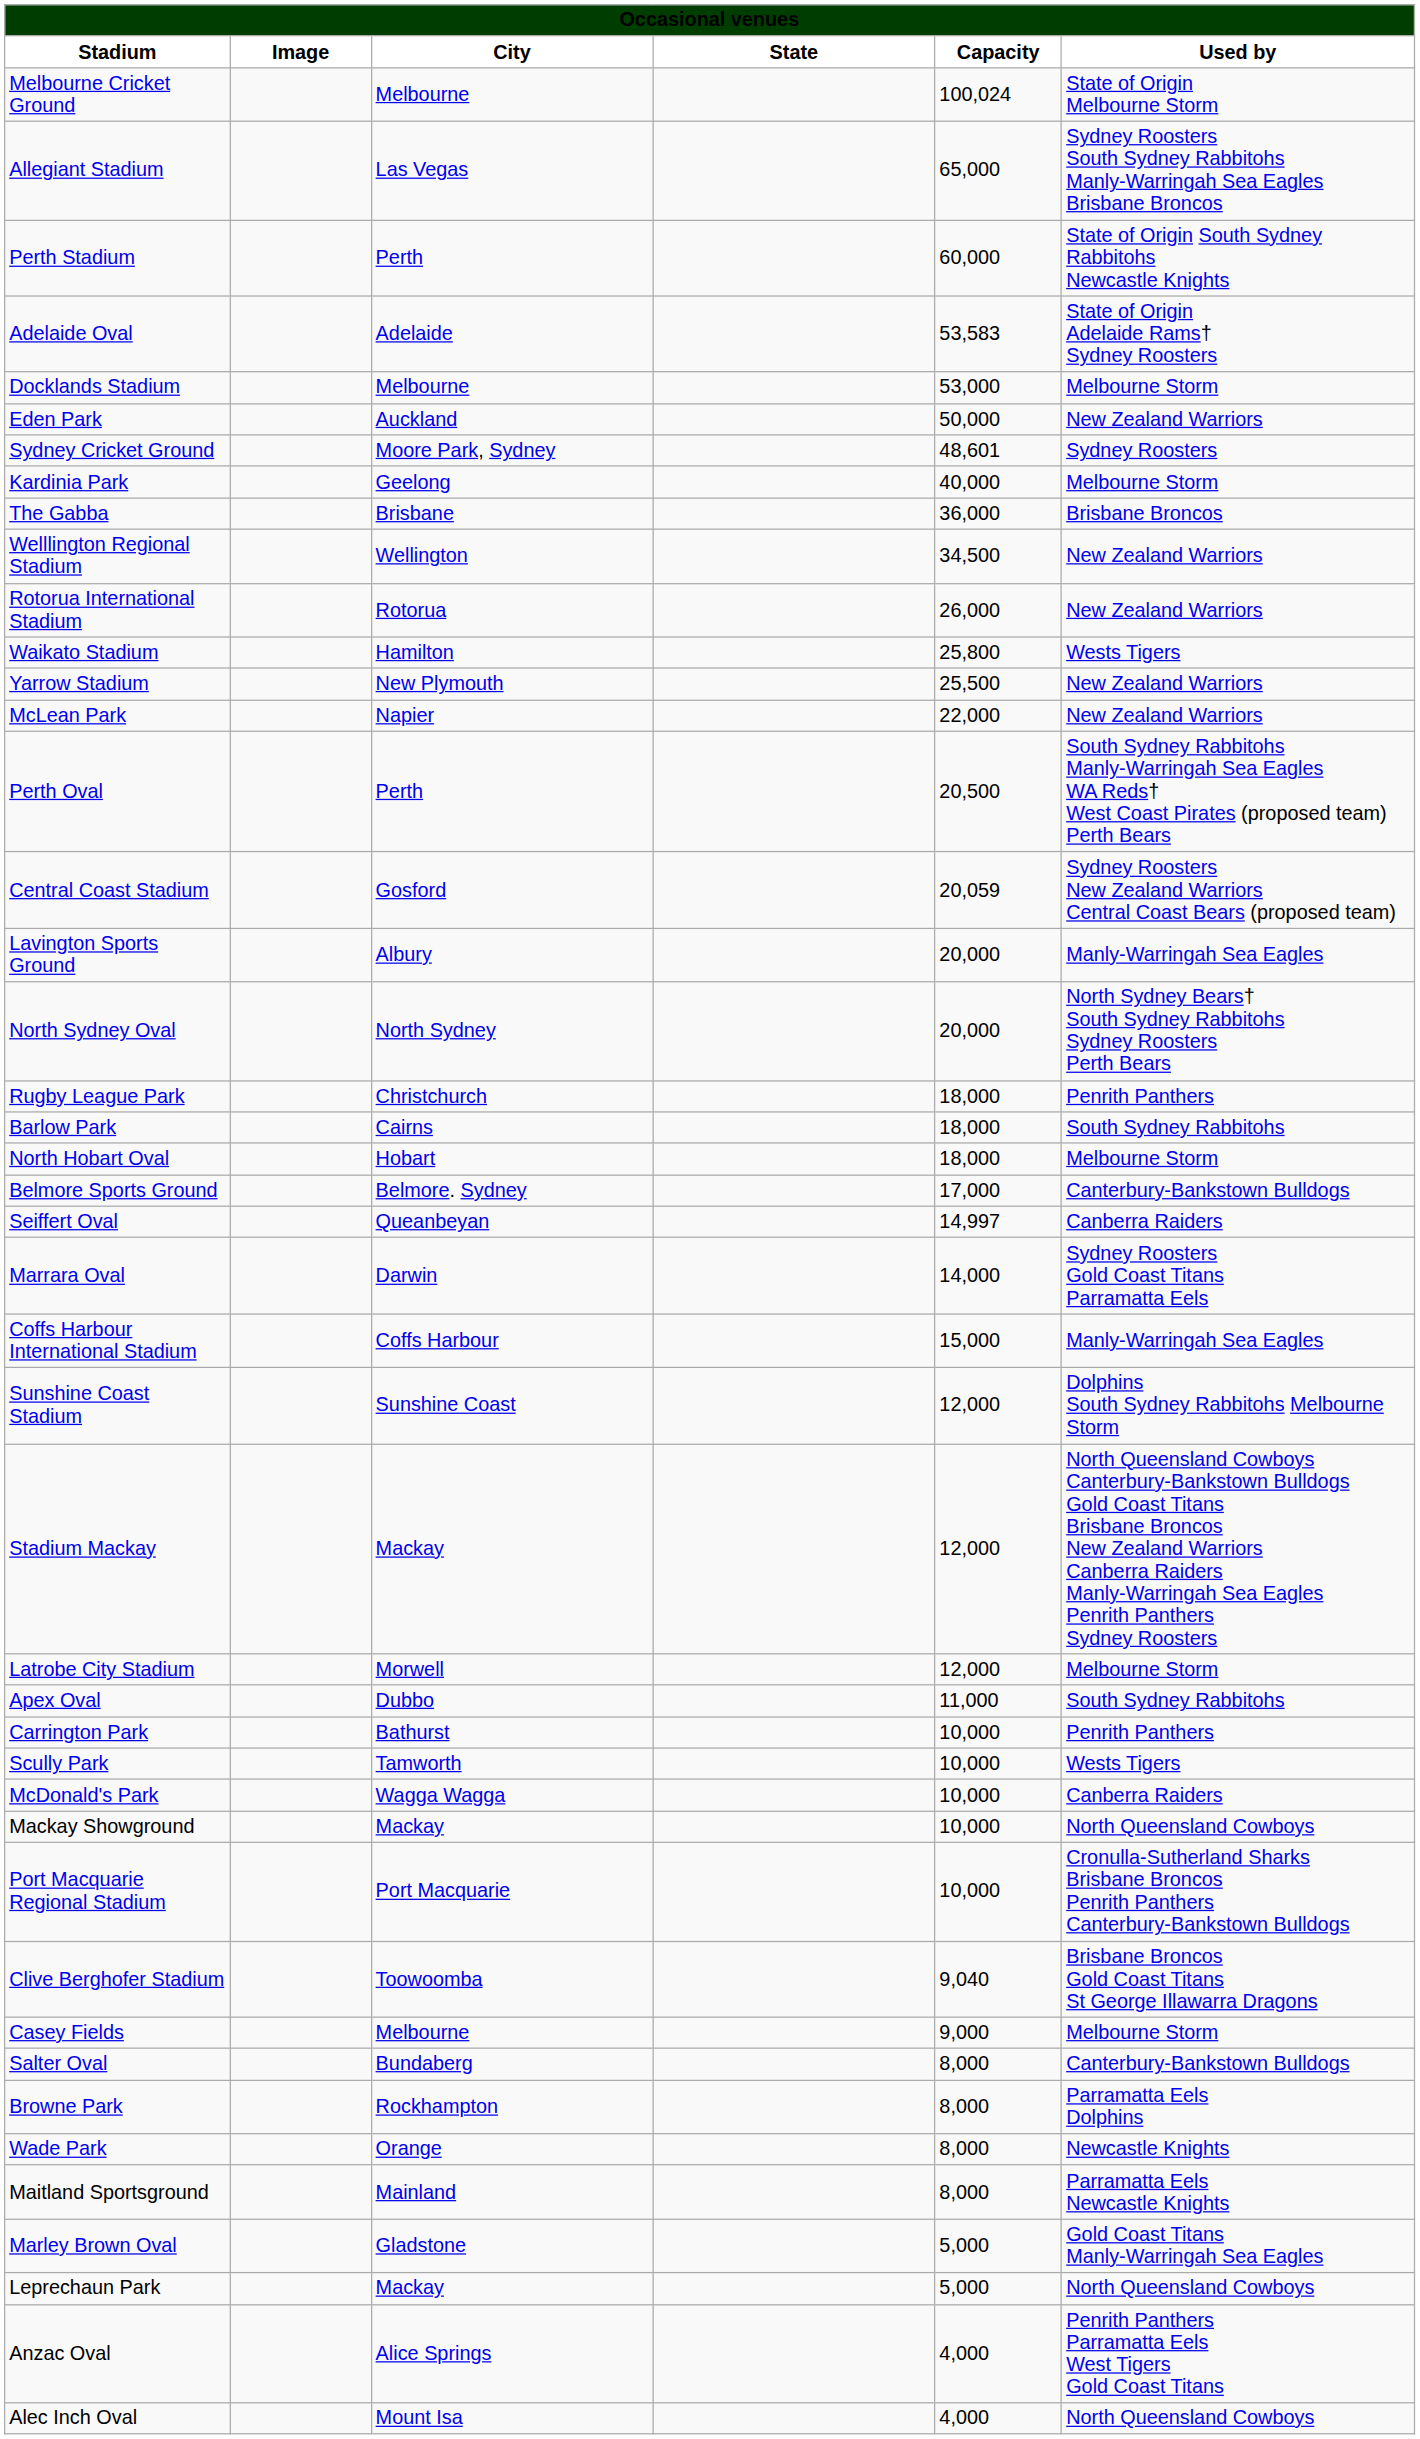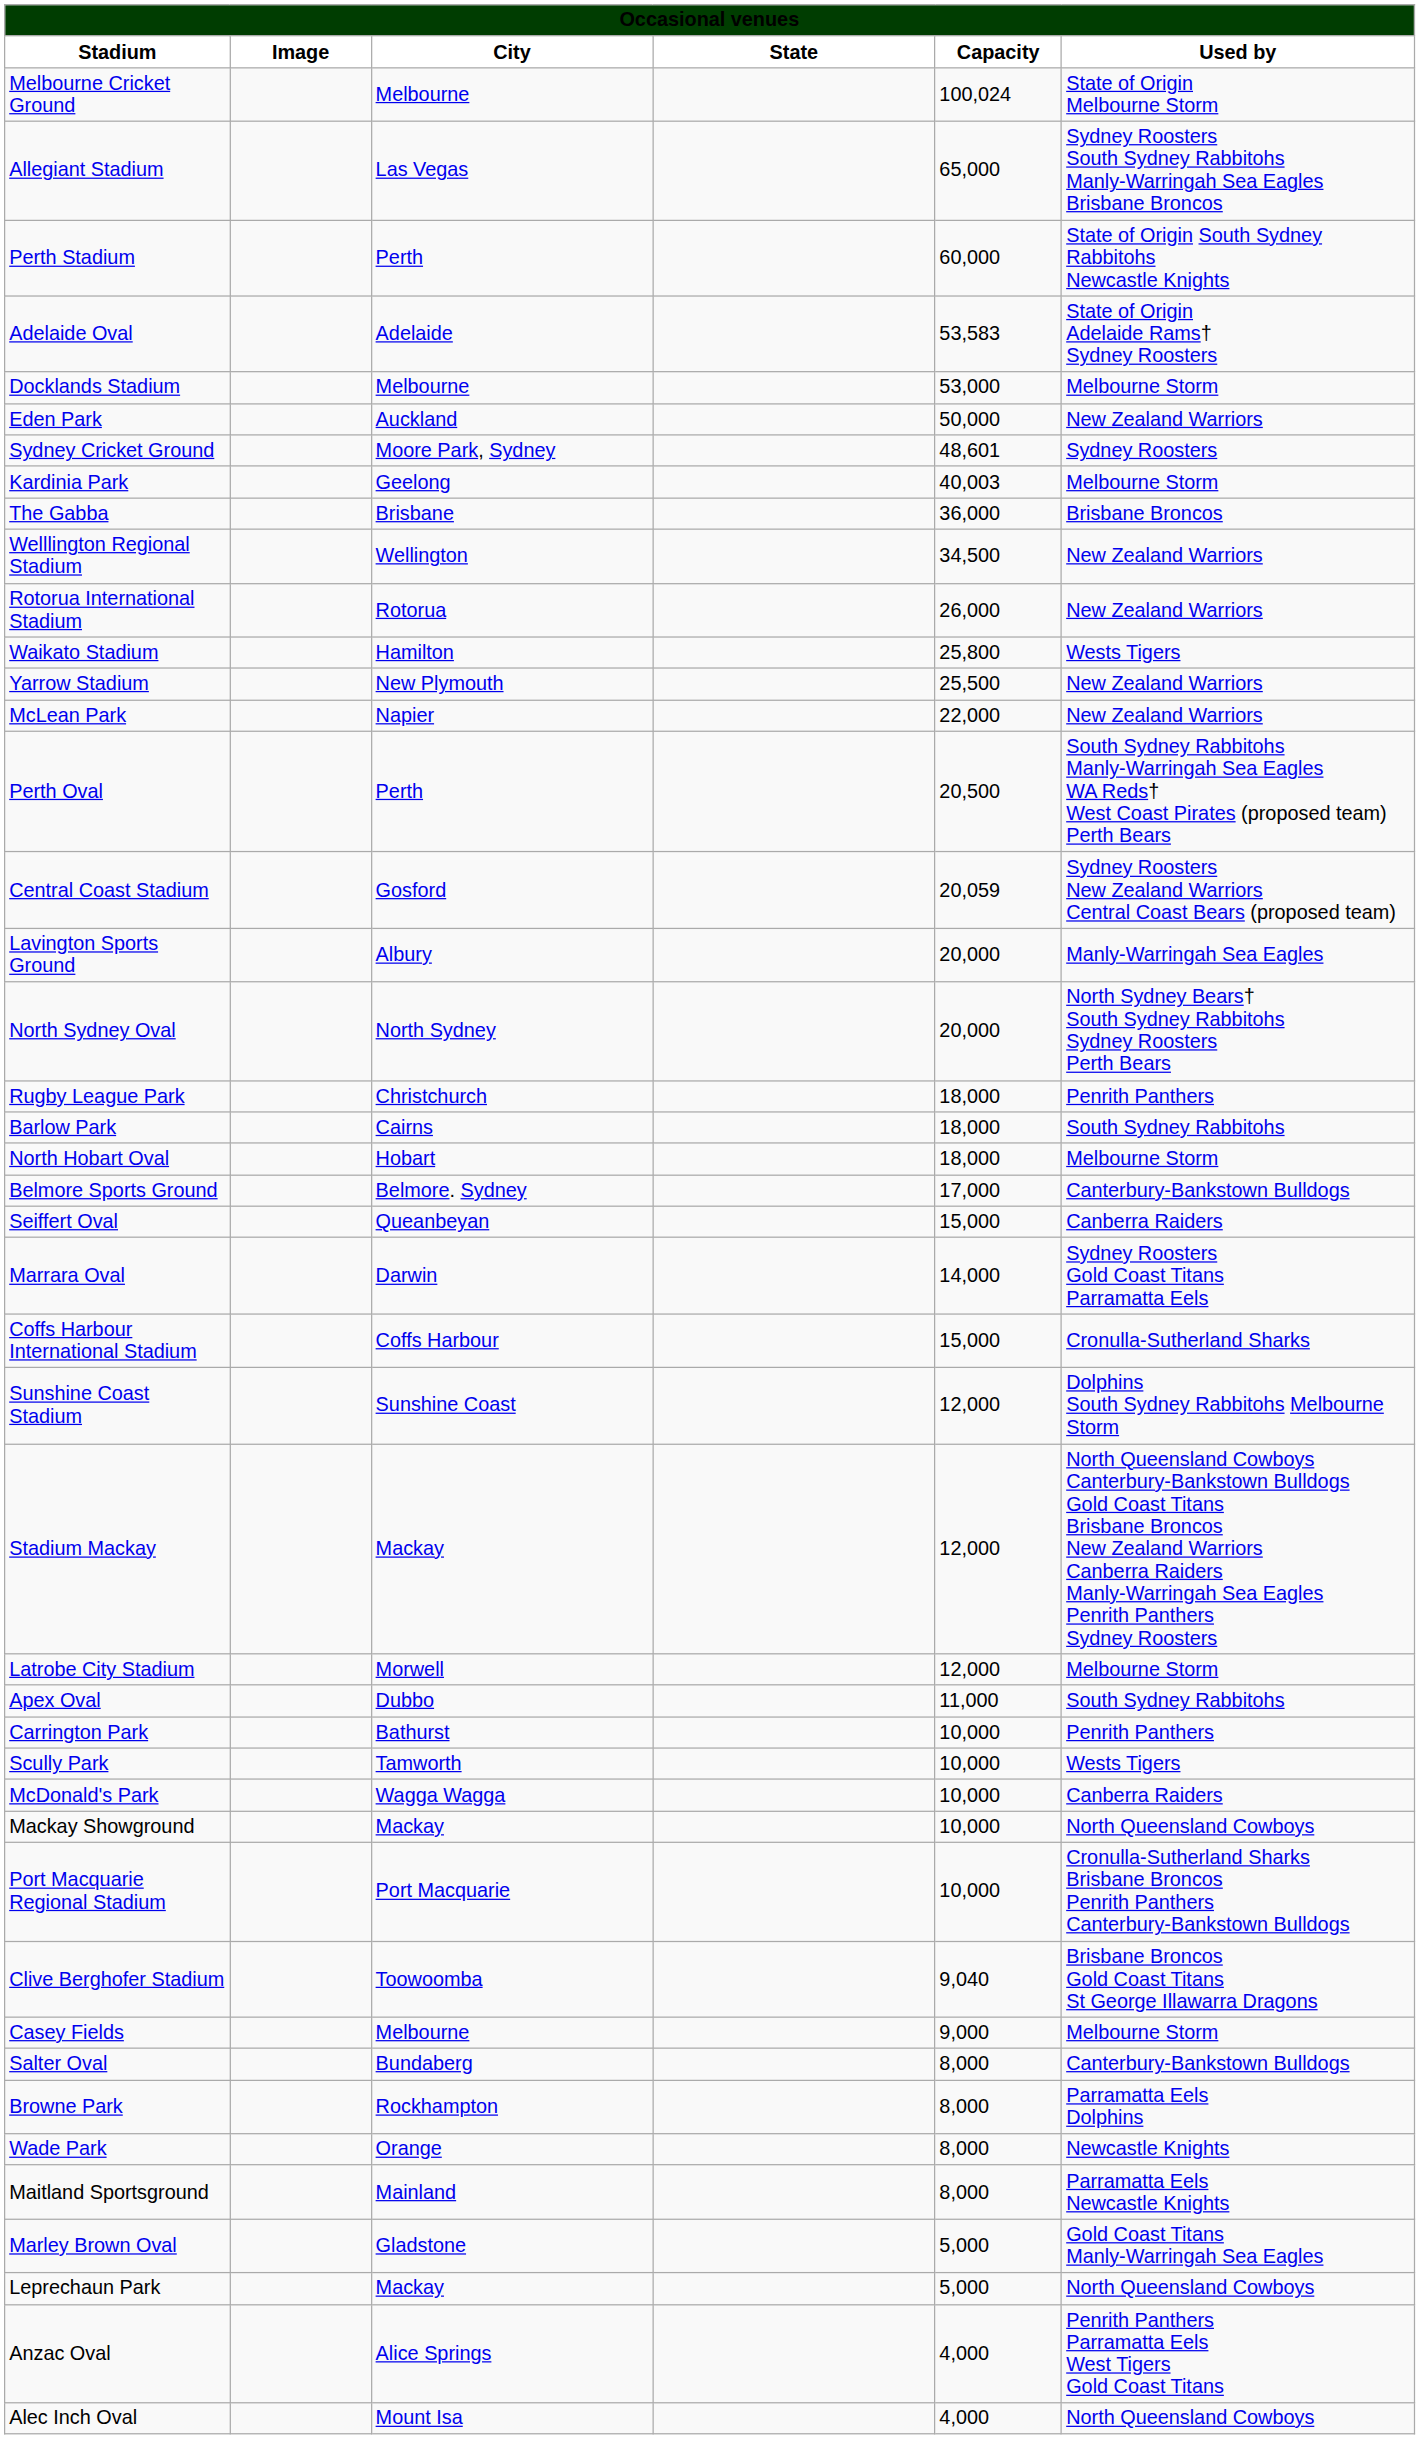 <table class="wikitable" style="width: 90%">
 <tr>
 <td style="background:#003d01; text-align:center;" colspan="7"><strong><span>Occasional venues</span></strong></td>
 </tr>
 <tr>
 <th style="background:white; width:16%">Stadium</th>
 <th style="background:white; width:10%">Image</th>
 <th style="background:white; width:20%">City</th>
 <th style="background:white; width:20%">State</th>
 <th style="background:white; width:9%">Capacity</th>
 <th style="background:white; width:25%">Used by</th>
 </tr>
 <tr>
 <td><a href='#'>Melbourne Cricket Ground</a></td>
 <td></td>
 <td><a href='#'>Melbourne</a></td>
 <td></td>
 <td>100,024</td>
 <td><a href='#'>State of Origin</a><br> <a href='#'>Melbourne Storm</a></td>
 </tr>
 <tr>
 <td><a href='#'>Allegiant Stadium</a></td>
 <td></td>
 <td><a href='#'>Las Vegas</a></td>
 <td></td>
 <td>65,000</td>
 <td> <a href='#'>Sydney Roosters</a>  <br> <a href='#'>South Sydney Rabbitohs</a>  <br> <a href='#'>Manly-Warringah Sea Eagles</a>  <br> <a href='#'>Brisbane Broncos</a></td>
 </tr>
 <tr>
 <td><a href='#'>Perth Stadium</a></td>
 <td></td>
 <td><a href='#'>Perth</a></td>
 <td></td>
 <td>60,000</td>
 <td><a href='#'>State of Origin</a> <a href='#'>South Sydney Rabbitohs</a><br> <a href='#'>Newcastle Knights</a></td>
 </tr>
 <tr>
 <td><a href='#'>Adelaide Oval</a></td>
 <td></td>
 <td><a href='#'>Adelaide</a></td>
 <td></td>
 <td>53,583</td>
 <td><a href='#'>State of Origin</a><br> <a href='#'>Adelaide Rams</a>† <br> <a href='#'>Sydney Roosters</a></td>
 </tr>
 <tr>
 <td><a href='#'>Docklands Stadium</a></td>
 <td></td>
 <td><a href='#'>Melbourne</a></td>
 <td></td>
 <td>53,000</td>
 <td> <a href='#'>Melbourne Storm</a></td>
 </tr>
 <tr>
 <td><a href='#'>Eden Park</a></td>
 <td></td>
 <td><a href='#'>Auckland</a></td>
 <td></td>
 <td>50,000</td>
 <td> <a href='#'>New Zealand Warriors</a></td>
 </tr>
 <tr>
 <td><a href='#'>Sydney Cricket Ground</a></td>
 <td></td>
 <td><a href='#'>Moore Park</a>, <a href='#'>Sydney</a></td>
 <td></td>
 <td>48,601</td>
 <td> <a href='#'>Sydney Roosters</a></td>
 </tr>
 <tr>
 <td><a href='#'>Kardinia Park</a></td>
 <td></td>
 <td><a href='#'>Geelong</a></td>
 <td></td>
-<td>40,000</td>
+<td>40,003</td>
 <td> <a href='#'>Melbourne Storm</a></td>
 </tr>
 <tr>
 <td><a href='#'>The Gabba</a></td>
 <td></td>
 <td><a href='#'>Brisbane</a></td>
 <td></td>
 <td>36,000</td>
 <td> <a href='#'>Brisbane Broncos</a></td>
 </tr>
 <tr>
 <td><a href='#'>Welllington Regional Stadium</a></td>
 <td></td>
 <td><a href='#'>Wellington</a></td>
 <td></td>
 <td>34,500</td>
 <td> <a href='#'>New Zealand Warriors</a></td>
 </tr>
 <tr>
 <td><a href='#'>Rotorua International Stadium</a></td>
 <td></td>
 <td><a href='#'>Rotorua</a></td>
 <td></td>
 <td>26,000</td>
 <td> <a href='#'>New Zealand Warriors</a></td>
 </tr>
 <tr>
 <td><a href='#'>Waikato Stadium</a></td>
 <td></td>
 <td><a href='#'>Hamilton</a></td>
 <td></td>
 <td>25,800</td>
 <td> <a href='#'>Wests Tigers</a></td>
 </tr>
 <tr>
 <td><a href='#'>Yarrow Stadium</a></td>
 <td></td>
 <td><a href='#'>New Plymouth</a></td>
 <td></td>
 <td>25,500</td>
 <td> <a href='#'>New Zealand Warriors</a></td>
 </tr>
 <tr>
 <td><a href='#'>McLean Park</a></td>
 <td></td>
 <td><a href='#'>Napier</a></td>
 <td></td>
 <td>22,000</td>
 <td> <a href='#'>New Zealand Warriors</a></td>
 </tr>
 <tr>
 <td><a href='#'>Perth Oval</a></td>
 <td></td>
 <td><a href='#'>Perth</a></td>
 <td></td>
 <td>20,500</td>
 <td> <a href='#'>South Sydney Rabbitohs</a> <br> <a href='#'>Manly-Warringah Sea Eagles</a> <br> <a href='#'>WA Reds</a>† <br> <a href='#'>West Coast Pirates</a> (proposed team) <br> <a href='#'>Perth Bears</a></td>
 </tr>
 <tr>
 <td><a href='#'>Central Coast Stadium</a></td>
 <td></td>
 <td><a href='#'>Gosford</a></td>
 <td></td>
 <td>20,059</td>
 <td> <a href='#'>Sydney Roosters</a><br> <a href='#'>New Zealand Warriors</a> <br> <a href='#'>Central Coast Bears</a> (proposed team)</td>
 </tr>
 <tr>
 <td><a href='#'>Lavington Sports Ground</a></td>
 <td></td>
 <td><a href='#'>Albury</a></td>
 <td></td>
 <td>20,000</td>
 <td> <a href='#'>Manly-Warringah Sea Eagles</a></td>
 </tr>
 <tr>
 <td><a href='#'>North Sydney Oval</a></td>
 <td></td>
 <td><a href='#'>North Sydney</a></td>
 <td></td>
 <td>20,000</td>
 <td> <a href='#'>North Sydney Bears</a>†<br> <a href='#'>South Sydney Rabbitohs</a> <br>  <a href='#'>Sydney Roosters</a> <br> <a href='#'>Perth Bears</a></td>
 </tr>
 <tr>
 <td><a href='#'>Rugby League Park</a></td>
 <td></td>
 <td><a href='#'>Christchurch</a></td>
 <td></td>
 <td>18,000</td>
 <td> <a href='#'>Penrith Panthers</a></td>
 </tr>
 <tr>
 <td><a href='#'>Barlow Park</a></td>
 <td></td>
 <td><a href='#'>Cairns</a></td>
 <td></td>
 <td>18,000</td>
 <td> <a href='#'>South Sydney Rabbitohs</a></td>
 </tr>
 <tr>
 <td><a href='#'>North Hobart Oval</a></td>
 <td></td>
 <td><a href='#'>Hobart</a></td>
 <td></td>
 <td>18,000</td>
 <td> <a href='#'>Melbourne Storm</a></td>
 </tr>
 <tr>
 <td><a href='#'>Belmore Sports Ground</a></td>
 <td></td>
 <td><a href='#'>Belmore</a>. <a href='#'>Sydney</a></td>
 <td></td>
 <td>17,000</td>
 <td> <a href='#'>Canterbury-Bankstown Bulldogs</a></td>
 </tr>
 <tr>
 <td><a href='#'>Seiffert Oval</a></td>
 <td></td>
 <td><a href='#'>Queanbeyan</a></td>
 <td></td>
-<td>14,997</td>
+<td>15,000</td>
 <td> <a href='#'>Canberra Raiders</a></td>
 </tr>
 <tr>
 <td><a href='#'>Marrara Oval</a></td>
 <td></td>
 <td><a href='#'>Darwin</a></td>
 <td></td>
 <td>14,000</td>
 <td> <a href='#'>Sydney Roosters</a> <br>  <a href='#'>Gold Coast Titans</a> <br> <a href='#'>Parramatta Eels</a></td>
 </tr>
 <tr>
 <td><a href='#'>Coffs Harbour International Stadium</a></td>
 <td></td>
 <td><a href='#'>Coffs Harbour</a></td>
 <td></td>
 <td>15,000</td>
-<td> <a href='#'>Manly-Warringah Sea Eagles</a></td>
+<td> <a href='#'>Cronulla-Sutherland Sharks</a></td>
 </tr>
 <tr>
 <td><a href='#'>Sunshine Coast Stadium</a></td>
 <td></td>
 <td><a href='#'>Sunshine Coast</a></td>
 <td></td>
 <td>12,000</td>
 <td> <a href='#'>Dolphins</a><br> <a href='#'>South Sydney Rabbitohs</a>  <a href='#'>Melbourne Storm</a></td>
 </tr>
 <tr>
 <td><a href='#'>Stadium Mackay</a></td>
 <td></td>
 <td><a href='#'>Mackay</a></td>
 <td></td>
 <td>12,000</td>
 <td> <a href='#'>North Queensland Cowboys</a> <br>  <a href='#'>Canterbury-Bankstown Bulldogs</a> <br>  <a href='#'>Gold Coast Titans</a> <br>  <a href='#'>Brisbane Broncos</a> <br>  <a href='#'>New Zealand Warriors</a> <br>  <a href='#'>Canberra Raiders</a> <br>  <a href='#'>Manly-Warringah Sea Eagles</a> <br>  <a href='#'>Penrith Panthers</a> <br> <a href='#'>Sydney Roosters</a></td>
 </tr>
 <tr>
 <td><a href='#'>Latrobe City Stadium</a></td>
 <td></td>
 <td><a href='#'>Morwell</a></td>
 <td></td>
 <td>12,000</td>
 <td> <a href='#'>Melbourne Storm</a></td>
 </tr>
 <tr>
 <td><a href='#'>Apex Oval</a></td>
 <td></td>
 <td><a href='#'>Dubbo</a></td>
 <td></td>
 <td>11,000</td>
 <td> <a href='#'>South Sydney Rabbitohs</a></td>
 </tr>
 <tr>
 <td><a href='#'>Carrington Park</a></td>
 <td></td>
 <td><a href='#'>Bathurst</a></td>
 <td></td>
 <td>10,000</td>
 <td> <a href='#'>Penrith Panthers</a></td>
 </tr>
 <tr>
 <td><a href='#'>Scully Park</a></td>
 <td></td>
 <td><a href='#'>Tamworth</a></td>
 <td></td>
 <td>10,000</td>
 <td> <a href='#'>Wests Tigers</a></td>
 </tr>
 <tr>
 <td><a href='#'>McDonald's Park</a></td>
 <td></td>
 <td><a href='#'>Wagga Wagga</a></td>
 <td></td>
 <td>10,000</td>
 <td> <a href='#'>Canberra Raiders</a></td>
 </tr>
 <tr>
 <td>Mackay Showground</td>
 <td></td>
 <td><a href='#'>Mackay</a></td>
 <td></td>
 <td>10,000</td>
 <td> <a href='#'>North Queensland Cowboys</a></td>
 </tr>
 <tr>
 <td><a href='#'>Port Macquarie Regional Stadium</a></td>
 <td></td>
 <td><a href='#'>Port Macquarie</a></td>
 <td></td>
 <td>10,000</td>
 <td> <a href='#'>Cronulla-Sutherland Sharks</a> <br>  <a href='#'>Brisbane Broncos</a> <br>  <a href='#'>Penrith Panthers</a> <br> <a href='#'>Canterbury-Bankstown Bulldogs</a></td>
 </tr>
 <tr>
 <td><a href='#'>Clive Berghofer Stadium</a></td>
 <td></td>
 <td><a href='#'>Toowoomba</a></td>
 <td></td>
 <td>9,040</td>
 <td> <a href='#'>Brisbane Broncos</a> <br>  <a href='#'>Gold Coast Titans</a> <br> <a href='#'>St George Illawarra Dragons</a></td>
 </tr>
 <tr>
 <td><a href='#'>Casey Fields</a></td>
 <td></td>
 <td><a href='#'>Melbourne</a></td>
 <td></td>
 <td>9,000</td>
 <td> <a href='#'>Melbourne Storm</a></td>
 </tr>
 <tr>
 <td><a href='#'>Salter Oval</a></td>
 <td></td>
 <td><a href='#'>Bundaberg</a></td>
 <td></td>
 <td>8,000</td>
 <td> <a href='#'>Canterbury-Bankstown Bulldogs</a></td>
 </tr>
 <tr>
 <td><a href='#'>Browne Park</a></td>
 <td></td>
 <td><a href='#'>Rockhampton</a></td>
 <td></td>
 <td>8,000</td>
 <td> <a href='#'>Parramatta Eels</a> <br> <a href='#'>Dolphins</a></td>
 </tr>
 <tr>
 <td><a href='#'>Wade Park</a></td>
 <td></td>
 <td><a href='#'>Orange</a></td>
 <td></td>
 <td>8,000</td>
 <td> <a href='#'>Newcastle Knights</a></td>
 </tr>
 <tr>
 <td>Maitland Sportsground</td>
 <td></td>
 <td><a href='#'>Mainland</a></td>
 <td></td>
 <td>8,000</td>
 <td> <a href='#'>Parramatta Eels</a> <br> <a href='#'>Newcastle Knights</a></td>
 </tr>
 <tr>
 <td><a href='#'>Marley Brown Oval</a></td>
 <td></td>
 <td><a href='#'>Gladstone</a></td>
 <td></td>
 <td>5,000</td>
 <td> <a href='#'>Gold Coast Titans</a> <br> <a href='#'>Manly-Warringah Sea Eagles</a></td>
 </tr>
 <tr>
 <td>Leprechaun Park</td>
 <td></td>
 <td><a href='#'>Mackay</a></td>
 <td></td>
 <td>5,000</td>
 <td> <a href='#'>North Queensland Cowboys</a></td>
 </tr>
 <tr>
 <td>Anzac Oval</td>
 <td></td>
 <td><a href='#'>Alice Springs</a></td>
 <td></td>
 <td>4,000</td>
 <td> <a href='#'>Penrith Panthers</a> <br>  <a href='#'>Parramatta Eels</a> <br>  <a href='#'>West Tigers</a> <br> <a href='#'>Gold Coast Titans</a></td>
 </tr>
 <tr>
 <td>Alec Inch Oval</td>
 <td></td>
 <td><a href='#'>Mount Isa</a></td>
 <td></td>
 <td>4,000</td>
 <td> <a href='#'>North Queensland Cowboys</a></td>
 </tr>
 </table>
